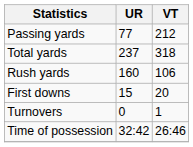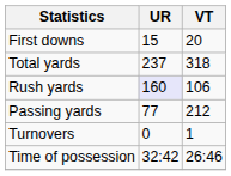 <table class="wikitable" style="float: left;">
 <tr>
 <th>Statistics</th>
 <th>UR</th>
 <th>VT</th>
 </tr>
 <tr>
-<td>Passing yards</td>
-<td>77</td>
-<td>212</td>
+<td>First downs</td>
+<td>15</td>
+<td>20</td>
 </tr>
 <tr>
 <td>Total yards</td>
 <td>237</td>
 <td>318</td>
 </tr>
 <tr>
 <td>Rush yards</td>
-<td>160</td>
+<td style="background: lavender;">160</td>
 <td>106</td>
 </tr>
 <tr>
-<td>First downs</td>
-<td>15</td>
-<td>20</td>
+<td>Passing yards</td>
+<td>77</td>
+<td>212</td>
 </tr>
 <tr>
 <td>Turnovers</td>
 <td>0</td>
 <td>1</td>
 </tr>
 <tr>
 <td>Time of possession</td>
 <td>32:42</td>
 <td>26:46</td>
 </tr>
 <tr>
 </tr>
 </table>
